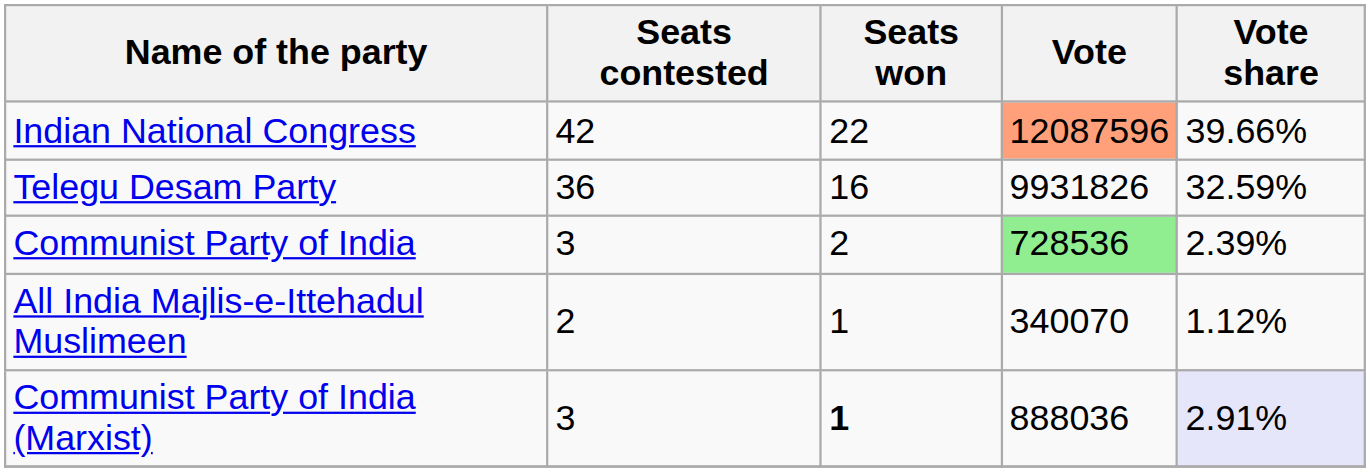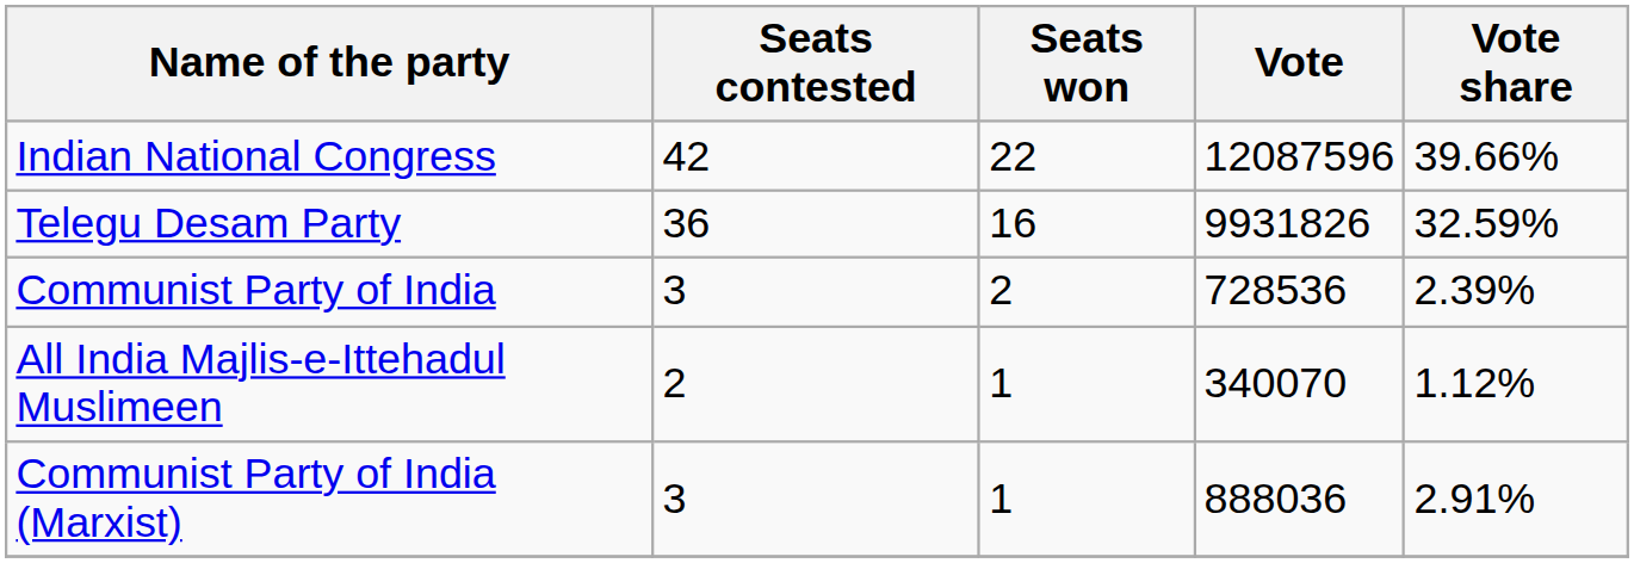 <table class="wikitable sortable">
 <tr>
 <th>Name of the party</th>
 <th>Seats contested</th>
 <th>Seats won</th>
 <th>Vote</th>
 <th>Vote share</th>
 </tr>
 <tr>
 <td><a href='#'>Indian National Congress</a></td>
 <td>42</td>
 <td>22</td>
-<td style="background: lightsalmon;">12087596</td>
+<td>12087596</td>
 <td>39.66%</td>
 </tr>
 <tr>
 <td><a href='#'>Telegu Desam Party</a></td>
 <td>36</td>
 <td>16</td>
 <td>9931826</td>
 <td>32.59%</td>
 </tr>
 <tr>
 <td><a href='#'>Communist Party of India</a></td>
 <td>3</td>
 <td>2</td>
-<td style="background: lightgreen;">728536</td>
+<td>728536</td>
 <td>2.39%</td>
 </tr>
 <tr>
 <td><a href='#'>All India Majlis-e-Ittehadul Muslimeen</a></td>
 <td>2</td>
 <td>1</td>
 <td>340070</td>
 <td>1.12%</td>
 </tr>
 <tr>
 <td><a href='#'>Communist Party of India (Marxist)</a></td>
 <td>3</td>
-<td><strong>1</strong></td>
+<td>1</td>
 <td>888036</td>
-<td style="background: lavender;">2.91%</td>
+<td>2.91%</td>
 </tr>
 <tr>
 </tr>
 </table>
